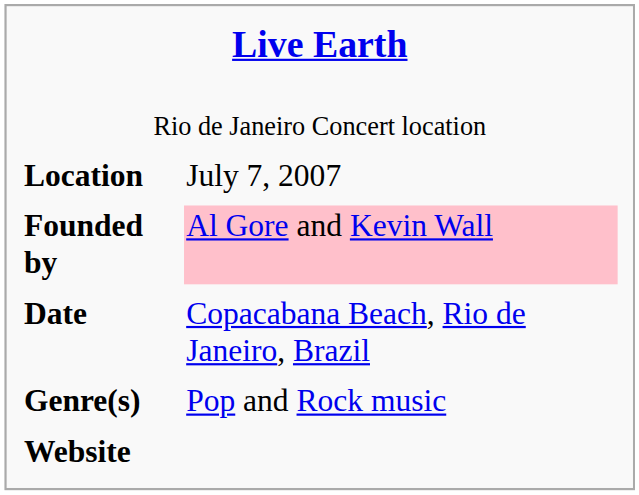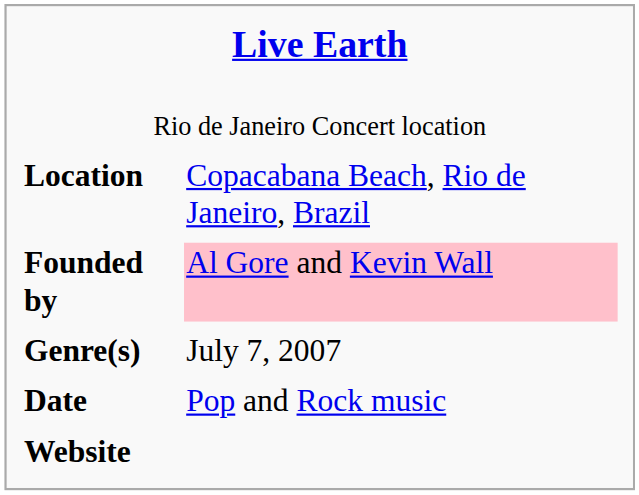 <table class="infobox" style="width: 20em; float:right; clear:right; font-size:90%" cellspacing="4">
 <tr style="vertical-align: top;">
 <th colspan="2" style="text-align: center;"><big><strong><a href='#'>Live Earth</a></strong></big></th>
 </tr>
 <tr style="vertical-align: top;">
 <td colspan="2" style="text-align: center;"></td>
 </tr>
 <tr style="vertical-align: top;">
 <td colspan="2" style="text-align: center;"></td>
 </tr>
 <tr style="vertical-align: top;">
 <td colspan="2" style="text-align: center;"><small>Rio de Janeiro Concert location</small></td>
 </tr>
 <tr style="vertical-align: top;">
 <td><strong>Location</strong></td>
-<td>July 7, 2007</td>
+<td><a href='#'>Copacabana Beach</a>, <a href='#'>Rio de Janeiro</a>, <a href='#'>Brazil</a></td>
 </tr>
 <tr style="vertical-align: top;">
 <td><strong>Founded by</strong></td>
 <td style="background: pink;"><a href='#'>Al Gore</a> and <a href='#'>Kevin Wall</a></td>
 </tr>
 <tr style="vertical-align: top;">
-<td><strong>Date</strong></td>
-<td><a href='#'>Copacabana Beach</a>, <a href='#'>Rio de Janeiro</a>, <a href='#'>Brazil</a></td>
+<td><strong>Genre(s)</strong></td>
+<td>July 7, 2007</td>
 </tr>
 <tr style="vertical-align: top;">
-<td><strong>Genre(s)</strong></td>
+<td><strong>Date</strong></td>
 <td><a href='#'>Pop</a> and <a href='#'>Rock music</a></td>
 </tr>
 <tr style="vertical-align: top;">
 <td><strong>Website</strong></td>
 <td></td>
 </tr>
 </table>
